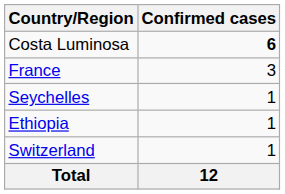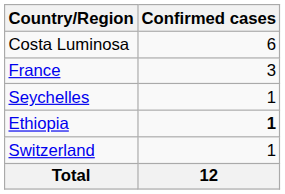 <table class="wikitable plainrowheaders sortable" style="text-align:right; font-size:90%;">
 <tr>
 <th>Country/Region</th>
 <th>Confirmed cases</th>
 </tr>
 <tr>
 <td style="text-align:left;"> Costa Luminosa</td>
-<td><strong>6</strong></td>
+<td>6</td>
 </tr>
 <tr>
 <td style="text-align:left;"> <a href='#'>France</a></td>
 <td>3</td>
 </tr>
 <tr>
 <td style="text-align:left;"> <a href='#'>Seychelles</a></td>
 <td>1</td>
 </tr>
 <tr>
 <td style="text-align:left;"> <a href='#'>Ethiopia</a></td>
-<td>1</td>
+<td><strong>1</strong></td>
 </tr>
 <tr>
 <td style="text-align:left;"> <a href='#'>Switzerland</a></td>
 <td>1</td>
 </tr>
 <tr>
 <th>Total</th>
 <th>12</th>
 </tr>
 </table>
